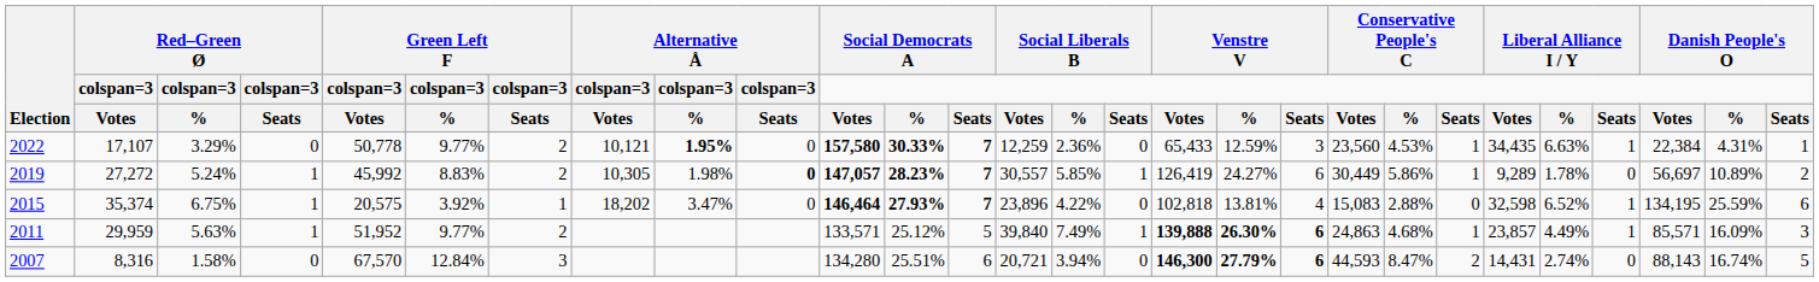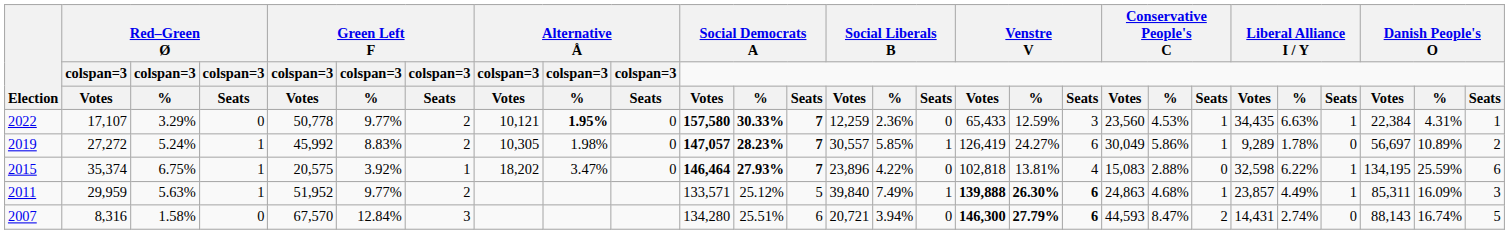 <table class="wikitable" border="1" style="font-size:85%; text-align:right;">
 <tr>
 <th style="text-align:left;" valign=bottom rowspan=3>Election</th>
 <th valign=bottom colspan=3><a href='#'>Red–Green</a><br>Ø</th>
 <th valign=bottom colspan=3><a href='#'>Green Left</a><br>F</th>
 <th valign=bottom colspan=3><a href='#'>Alternative</a><br>Å</th>
 <th valign=bottom colspan=3><a href='#'>Social Democrats</a><br>A</th>
 <th valign=bottom colspan=3><a href='#'>Social Liberals</a><br>B</th>
 <th valign=bottom colspan=3><a href='#'>Venstre</a><br>V</th>
 <th valign=bottom colspan=3><a href='#'>Conservative People's</a><br>C</th>
 <th valign=bottom colspan=3><a href='#'>Liberal Alliance</a><br>I / Y</th>
 <th valign=bottom colspan=3><a href='#'>Danish People's</a><br>O</th>
 </tr>
 <tr>
 <th>colspan=3 </th>
 <th>colspan=3 </th>
 <th>colspan=3 </th>
 <th>colspan=3 </th>
 <th>colspan=3 </th>
 <th>colspan=3 </th>
 <th>colspan=3 </th>
 <th>colspan=3 </th>
 <th>colspan=3 </th>
 </tr>
 <tr>
 <th>Votes</th>
 <th>%</th>
 <th>Seats</th>
 <th>Votes</th>
 <th>%</th>
 <th>Seats</th>
 <th>Votes</th>
 <th>%</th>
 <th>Seats</th>
 <th>Votes</th>
 <th>%</th>
 <th>Seats</th>
 <th>Votes</th>
 <th>%</th>
 <th>Seats</th>
 <th>Votes</th>
 <th>%</th>
 <th>Seats</th>
 <th>Votes</th>
 <th>%</th>
 <th>Seats</th>
 <th>Votes</th>
 <th>%</th>
 <th>Seats</th>
 <th>Votes</th>
 <th>%</th>
 <th>Seats</th>
 </tr>
 <tr>
 <td align=left><a href='#'>2022</a></td>
 <td>17,107</td>
 <td>3.29%</td>
 <td>0</td>
 <td>50,778</td>
 <td>9.77%</td>
 <td>2</td>
 <td>10,121</td>
 <td><strong>1.95%</strong></td>
 <td>0</td>
 <td><strong>157,580</strong></td>
 <td><strong>30.33%</strong></td>
 <td><strong>7</strong></td>
 <td>12,259</td>
 <td>2.36%</td>
 <td>0</td>
 <td>65,433</td>
 <td>12.59%</td>
 <td>3</td>
 <td>23,560</td>
 <td>4.53%</td>
 <td>1</td>
 <td>34,435</td>
 <td>6.63%</td>
 <td>1</td>
 <td>22,384</td>
 <td>4.31%</td>
 <td>1</td>
 </tr>
 <tr>
 <td align=left><a href='#'>2019</a></td>
 <td>27,272</td>
 <td>5.24%</td>
 <td>1</td>
 <td>45,992</td>
 <td>8.83%</td>
 <td>2</td>
 <td>10,305</td>
 <td>1.98%</td>
-<td><strong>0</strong></td>
+<td>0</td>
 <td><strong>147,057</strong></td>
 <td><strong>28.23%</strong></td>
 <td><strong>7</strong></td>
 <td>30,557</td>
 <td>5.85%</td>
 <td>1</td>
 <td>126,419</td>
 <td>24.27%</td>
 <td>6</td>
-<td>30,449</td>
+<td>30,049</td>
 <td>5.86%</td>
 <td>1</td>
 <td>9,289</td>
 <td>1.78%</td>
 <td>0</td>
 <td>56,697</td>
 <td>10.89%</td>
 <td>2</td>
 </tr>
 <tr>
 <td align=left><a href='#'>2015</a></td>
 <td>35,374</td>
 <td>6.75%</td>
 <td>1</td>
 <td>20,575</td>
 <td>3.92%</td>
 <td>1</td>
 <td>18,202</td>
 <td>3.47%</td>
 <td>0</td>
 <td><strong>146,464</strong></td>
 <td><strong>27.93%</strong></td>
 <td><strong>7</strong></td>
 <td>23,896</td>
 <td>4.22%</td>
 <td>0</td>
 <td>102,818</td>
 <td>13.81%</td>
 <td>4</td>
 <td>15,083</td>
 <td>2.88%</td>
 <td>0</td>
 <td>32,598</td>
-<td>6.52%</td>
+<td>6.22%</td>
 <td>1</td>
 <td>134,195</td>
 <td>25.59%</td>
 <td>6</td>
 </tr>
 <tr>
 <td align=left><a href='#'>2011</a></td>
 <td>29,959</td>
 <td>5.63%</td>
 <td>1</td>
 <td>51,952</td>
 <td>9.77%</td>
 <td>2</td>
 <td></td>
 <td></td>
 <td></td>
 <td>133,571</td>
 <td>25.12%</td>
 <td>5</td>
 <td>39,840</td>
 <td>7.49%</td>
 <td>1</td>
 <td><strong>139,888</strong></td>
 <td><strong>26.30%</strong></td>
 <td><strong>6</strong></td>
 <td>24,863</td>
 <td>4.68%</td>
 <td>1</td>
 <td>23,857</td>
 <td>4.49%</td>
 <td>1</td>
-<td>85,571</td>
+<td>85,311</td>
 <td>16.09%</td>
 <td>3</td>
 </tr>
 <tr>
 <td align=left><a href='#'>2007</a></td>
 <td>8,316</td>
 <td>1.58%</td>
 <td>0</td>
 <td>67,570</td>
 <td>12.84%</td>
 <td>3</td>
 <td></td>
 <td></td>
 <td></td>
 <td>134,280</td>
 <td>25.51%</td>
 <td>6</td>
 <td>20,721</td>
 <td>3.94%</td>
 <td>0</td>
 <td><strong>146,300</strong></td>
 <td><strong>27.79%</strong></td>
 <td><strong>6</strong></td>
 <td>44,593</td>
 <td>8.47%</td>
 <td>2</td>
 <td>14,431</td>
 <td>2.74%</td>
 <td>0</td>
 <td>88,143</td>
 <td>16.74%</td>
 <td>5</td>
 </tr>
 </table>
